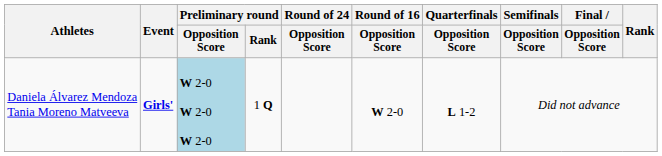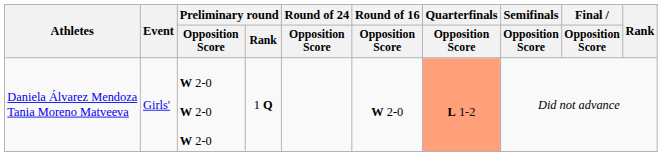 <table class=wikitable style="font-size:90%">
 <tr>
 <th rowspan=2>Athletes</th>
 <th rowspan=2>Event</th>
 <th colspan=2>Preliminary round</th>
 <th>Round of 24</th>
 <th>Round of 16</th>
 <th>Quarterfinals</th>
 <th>Semifinals</th>
 <th>Final / </th>
 <th rowspan=2>Rank</th>
 </tr>
 <tr style="font-size:95%">
 <th>Opposition<br>Score</th>
 <th>Rank</th>
 <th>Opposition<br>Score</th>
 <th>Opposition<br>Score</th>
 <th>Opposition<br>Score</th>
 <th>Opposition<br>Score</th>
 <th>Opposition<br>Score</th>
 </tr>
 <tr align=center>
 <td align=left><a href='#'>Daniela Álvarez Mendoza</a><br><a href='#'>Tania Moreno Matveeva</a></td>
-<td align=left><strong><a href='#'>Girls'</a></strong></td>
-<td align=left style="background: lightblue;"><br><strong>W</strong> 2-0<br><br><strong>W</strong> 2-0<br><br><strong>W</strong> 2-0</td>
+<td align=left><a href='#'>Girls'</a></td>
+<td align=left><br><strong>W</strong> 2-0<br><br><strong>W</strong> 2-0<br><br><strong>W</strong> 2-0</td>
 <td>1 <strong>Q</strong></td>
 <td></td>
 <td><br><strong>W</strong> 2-0</td>
-<td><br><strong>L</strong> 1-2</td>
+<td style="background: lightsalmon;"><br><strong>L</strong> 1-2</td>
 <td Colspan=3><em>Did not advance</em></td>
 </tr>
 </table>
